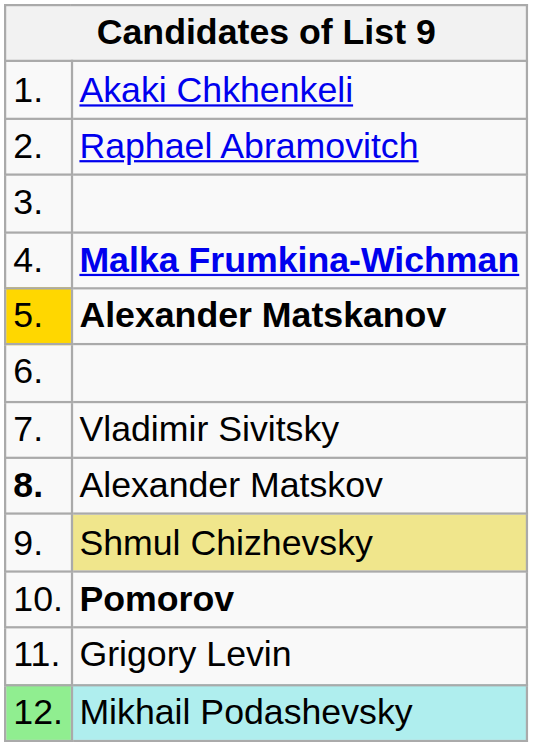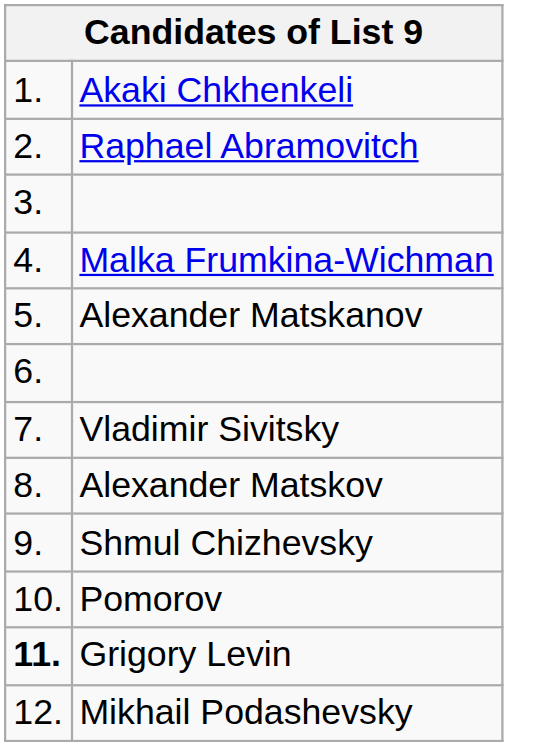 <table class=wikitable>
 <tr>
 <th colspan=3>Candidates of List 9</th>
 </tr>
 <tr>
 <td>1.</td>
 <td><a href='#'>Akaki Chkhenkeli</a></td>
 </tr>
 <tr>
 <td>2.</td>
 <td><a href='#'>Raphael Abramovitch</a></td>
 </tr>
 <tr>
 <td>3.</td>
 <td></td>
 </tr>
 <tr>
 <td>4.</td>
-<td><strong><a href='#'>Malka Frumkina-Wichman</a></strong></td>
+<td><a href='#'>Malka Frumkina-Wichman</a></td>
 </tr>
 <tr>
-<td style="background: gold;">5.</td>
-<td><strong>Alexander Matskanov</strong></td>
+<td>5.</td>
+<td>Alexander Matskanov</td>
 </tr>
 <tr>
 <td>6.</td>
 <td></td>
 </tr>
 <tr>
 <td>7.</td>
 <td>Vladimir Sivitsky</td>
 </tr>
 <tr>
-<td><strong>8.</strong></td>
+<td>8.</td>
 <td>Alexander Matskov</td>
 </tr>
 <tr>
 <td>9.</td>
-<td style="background: khaki;">Shmul Chizhevsky</td>
+<td>Shmul Chizhevsky</td>
 </tr>
 <tr>
 <td>10.</td>
-<td><strong>Pomorov</strong></td>
+<td>Pomorov</td>
 </tr>
 <tr>
-<td>11.</td>
+<td><strong>11.</strong></td>
 <td>Grigory Levin</td>
 </tr>
 <tr>
-<td style="background: lightgreen;">12.</td>
-<td style="background: paleturquoise;">Mikhail Podashevsky</td>
+<td>12.</td>
+<td>Mikhail Podashevsky</td>
 </tr>
 </table>
